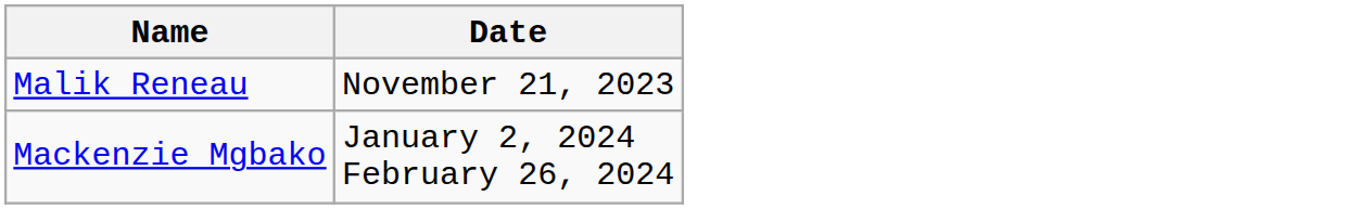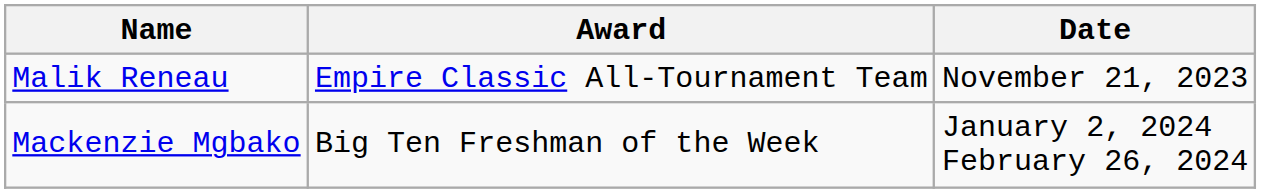 <table class=wikitable "border="1">
 <tr align=center>
 <th>Name</th>
+<th>Award</th>
 <th>Date</th>
 </tr>
 <tr>
 <td rowspan=1><a href='#'>Malik Reneau</a></td>
+<td><a href='#'>Empire Classic</a> All-Tournament Team</td>
 <td>November 21, 2023</td>
 </tr>
 <tr>
 <td rowspan=1><a href='#'>Mackenzie Mgbako</a></td>
+<td>Big Ten Freshman of the Week</td>
 <td>January 2, 2024 <br> February 26, 2024</td>
 </tr>
 </table>
